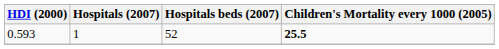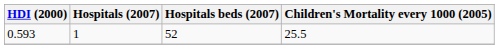 <table class="wikitable" border="1">
 <tr>
 <th><a href='#'>HDI</a> (2000)</th>
 <th>Hospitals (2007)</th>
 <th>Hospitals beds (2007)</th>
 <th>Children's Mortality every 1000 (2005)</th>
 </tr>
 <tr>
 <td>0.593</td>
 <td>1</td>
 <td>52</td>
-<td><strong>25.5</strong></td>
+<td>25.5</td>
 </tr>
 <tr>
 </tr>
 </table>
